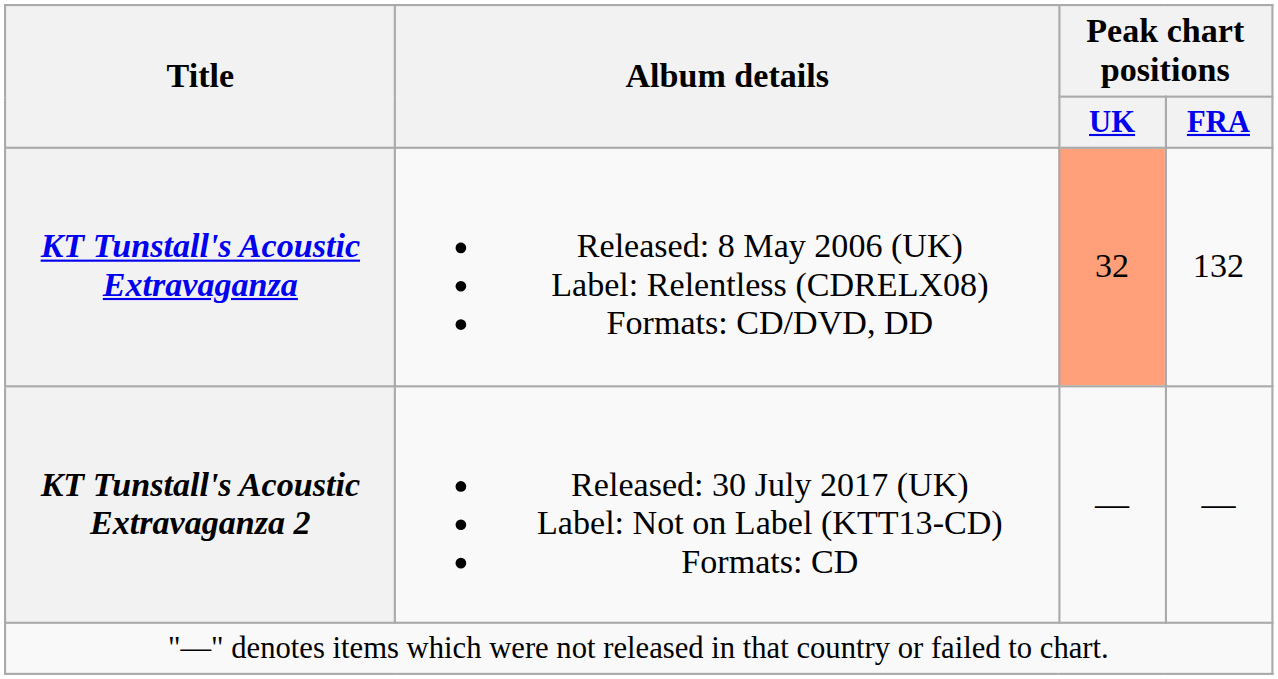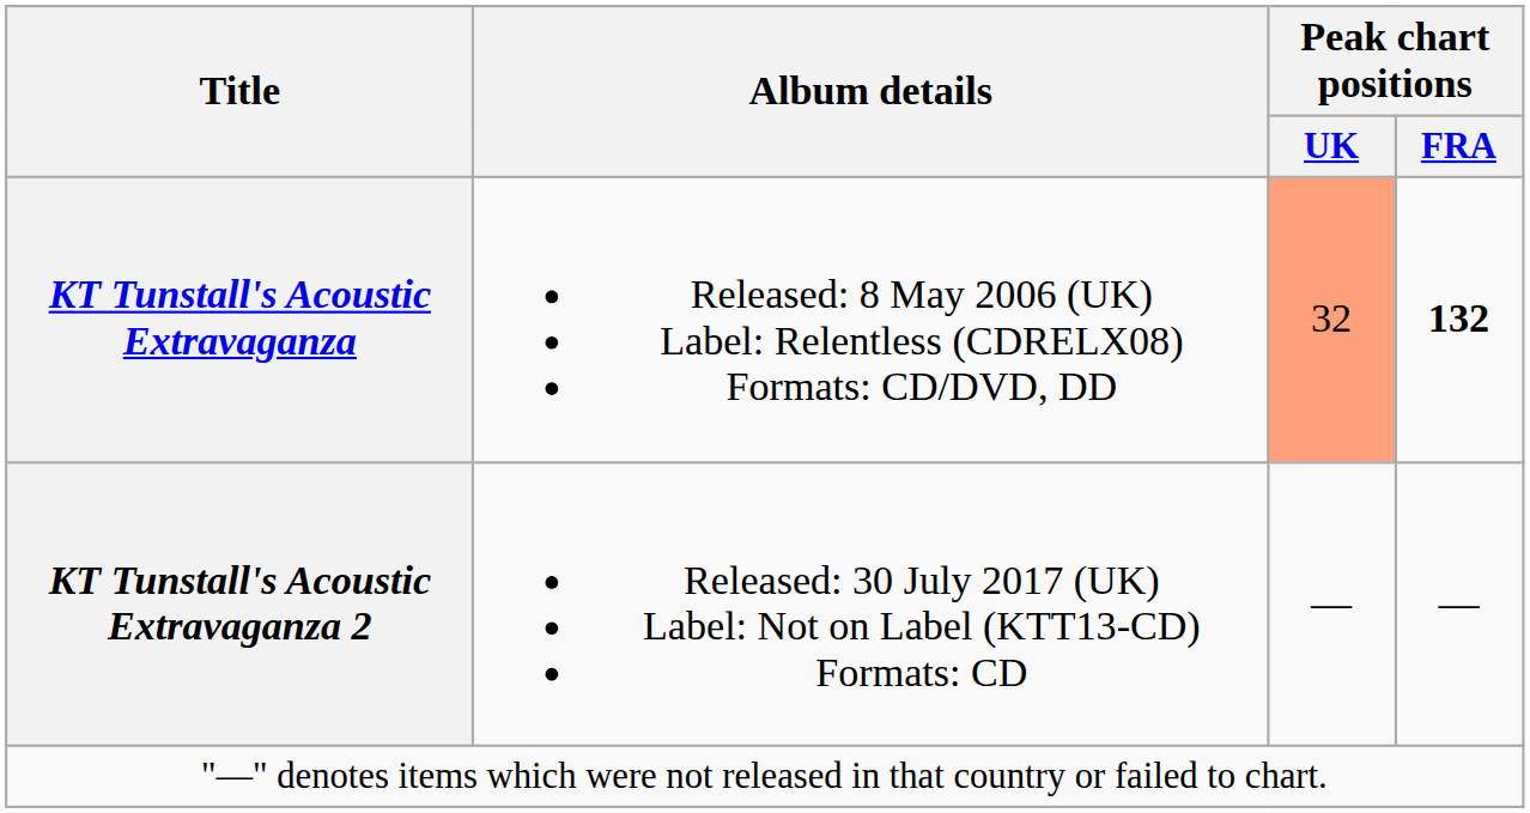 <table class="wikitable plainrowheaders" style="text-align:center;">
 <tr>
 <th scope="col" rowspan="2" style="width:11em;">Title</th>
 <th scope="col" rowspan="2" style="width:19em;">Album details</th>
 <th scope="col" colspan="2">Peak chart positions</th>
 </tr>
 <tr>
 <th style="width:3em;font-size:90%"><a href='#'>UK</a><br></th>
 <th style="width:3em;font-size:90%"><a href='#'>FRA</a><br></th>
 </tr>
 <tr>
 <th scope="row"><em><a href='#'>KT Tunstall's Acoustic Extravaganza</a></em></th>
 <td><br><ul><li>Released: 8 May 2006 <span>(UK)</span></li><li>Label: Relentless <span>(CDRELX08)</span></li><li>Formats: CD/DVD, DD</li></ul></td>
 <td style="background: lightsalmon;">32</td>
-<td>132</td>
+<td><strong>132</strong></td>
 </tr>
 <tr>
 <th scope="row"><em>KT Tunstall's Acoustic Extravaganza 2</em></th>
 <td><br><ul><li>Released: 30 July 2017 <span>(UK)</span></li><li>Label: Not on Label <span>(KTT13-CD)</span></li><li>Formats: CD</li></ul></td>
 <td>—</td>
 <td>—</td>
 </tr>
 <tr>
 <td colspan="14" style="font-size:90%;">"—" denotes items which were not released in that country or failed to chart.</td>
 </tr>
 </table>
